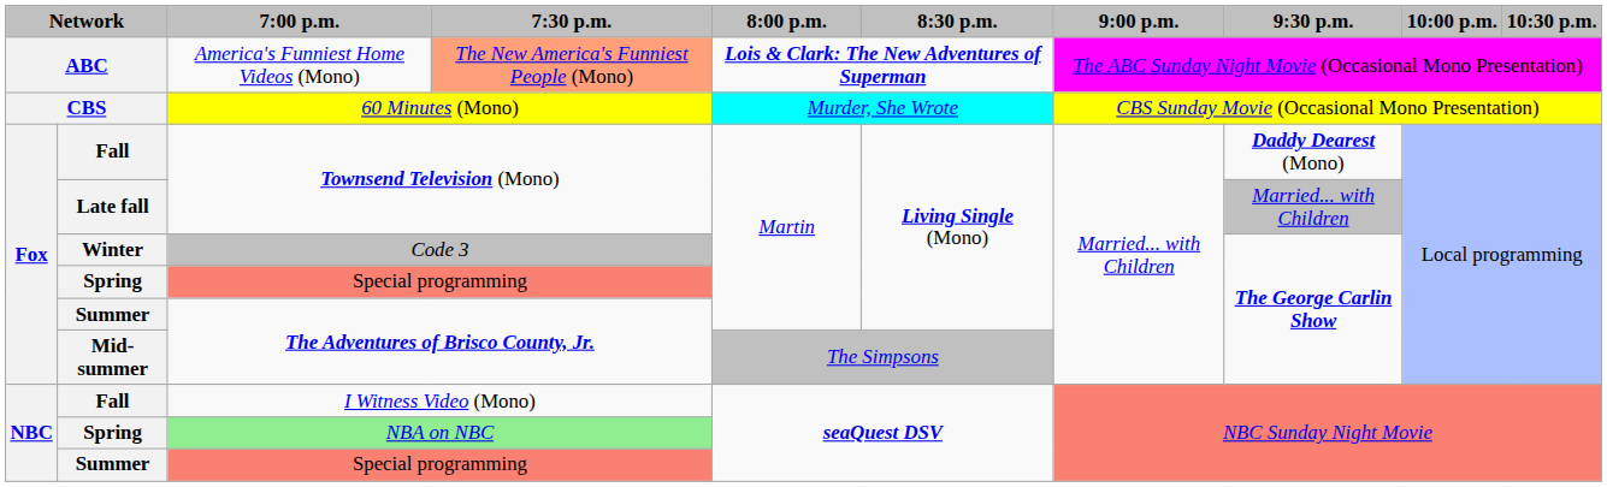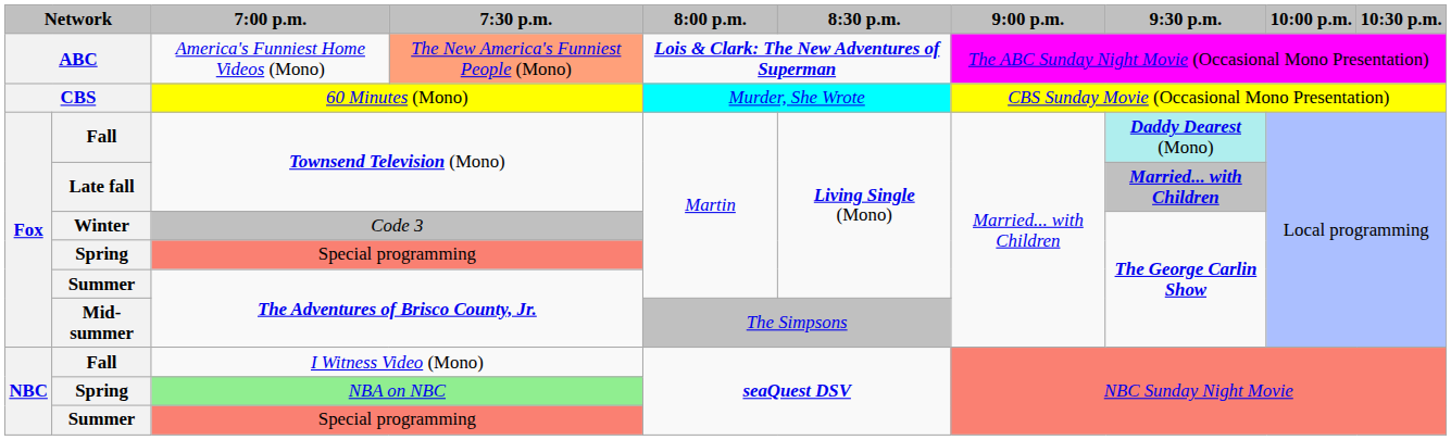 <table class="wikitable" style="width:100%;margin-right:0;text-align:center">
 <tr>
 <th colspan="2" style="background-color:#C0C0C0">Network</th>
 <th style="background-color:#C0C0C0;text-align:center">7:00 p.m.</th>
 <th style="background-color:#C0C0C0;text-align:center">7:30 p.m.</th>
 <th style="background-color:#C0C0C0;text-align:center">8:00 p.m.</th>
 <th style="background-color:#C0C0C0;text-align:center">8:30 p.m.</th>
 <th style="background-color:#C0C0C0;text-align:center">9:00 p.m.</th>
 <th style="background-color:#C0C0C0;text-align:center">9:30 p.m.</th>
 <th style="background-color:#C0C0C0;text-align:center">10:00 p.m.</th>
 <th style="background-color:#C0C0C0;text-align:center">10:30 p.m.</th>
 </tr>
 <tr 1993 Winter Olympics>
 <th colspan="2"><a href='#'>ABC</a></th>
 <td><em><a href='#'>America's Funniest Home Videos</a></em> (Mono)</td>
 <td style="background: lightsalmon;"><em><a href='#'>The New America's Funniest People</a></em> (Mono)</td>
 <td colspan="2"><strong><em><a href='#'>Lois & Clark: The New Adventures of Superman</a></em></strong></td>
 <td colspan="4" style="background:magenta;"><em><a href='#'>The ABC Sunday Night Movie</a></em> (Occasional Mono Presentation) </td>
 </tr>
 <tr>
 <th colspan="2"><a href='#'>CBS</a></th>
 <td colspan="2" style="background:yellow;"><em><a href='#'>60 Minutes</a></em> (Mono) </td>
 <td colspan="2" style="background:cyan;"><em><a href='#'>Murder, She Wrote</a></em> </td>
 <td colspan="4" style="background:yellow;"><em><a href='#'>CBS Sunday Movie</a></em> (Occasional Mono Presentation) </td>
 </tr>
 <tr>
 <th rowspan="6"><a href='#'>Fox</a></th>
 <th>Fall</th>
 <td colspan="2" rowspan="2"><strong><em><a href='#'>Townsend Television</a></em></strong> (Mono)</td>
 <td rowspan="5"><em><a href='#'>Martin</a></em></td>
 <td rowspan="5"><strong><em><a href='#'>Living Single</a></em></strong><br>(Mono)</td>
 <td rowspan="6"><em><a href='#'>Married... with Children</a></em></td>
-<td><strong><em><a href='#'>Daddy Dearest</a></em></strong><br>(Mono)</td>
+<td style="background: paleturquoise;"><strong><em><a href='#'>Daddy Dearest</a></em></strong><br>(Mono)</td>
 <td colspan="2" rowspan="6" style="background:#abbfff;">Local programming</td>
 </tr>
 <tr>
 <th>Late fall</th>
-<td style="background:#C0C0C0;"><em><a href='#'>Married... with Children</a></em> </td>
+<td style="background:#C0C0C0;"><strong><em><a href='#'>Married... with Children</a></em> </strong></td>
 </tr>
 <tr>
 <th>Winter</th>
 <td colspan="2" style="background:#C0C0C0;"><em>Code 3</em> </td>
 <td rowspan="4"><strong><em><a href='#'>The George Carlin Show</a></em></strong></td>
 </tr>
 <tr>
 <th>Spring</th>
 <td colspan="2" style="background:#FA8072;">Special programming</td>
 </tr>
 <tr>
 <th>Summer</th>
 <td rowspan="2" colspan="2"><strong><em><a href='#'>The Adventures of Brisco County, Jr.</a></em></strong></td>
 </tr>
 <tr>
 <th>Mid-summer</th>
 <td colspan="2" style="background:#C0C0C0;"><em><a href='#'>The Simpsons</a></em> </td>
 </tr>
 <tr>
 <th rowspan="3"><a href='#'>NBC</a></th>
 <th>Fall</th>
 <td colspan="2"><em><a href='#'>I Witness Video</a></em> (Mono)</td>
 <td colspan="2" rowspan="3"><strong><em><a href='#'>seaQuest DSV</a></em></strong></td>
 <td colspan="4" rowspan="3" style="background:#FA8072;"><em><a href='#'>NBC Sunday Night Movie</a></em></td>
 </tr>
 <tr>
 <th>Spring</th>
 <td colspan="2" style="background:lightgreen;"><em><a href='#'>NBA on NBC</a></em></td>
 </tr>
 <tr>
 <th>Summer</th>
 <td colspan="2" style="background:#FA8072;">Special programming</td>
 </tr>
 </table>
